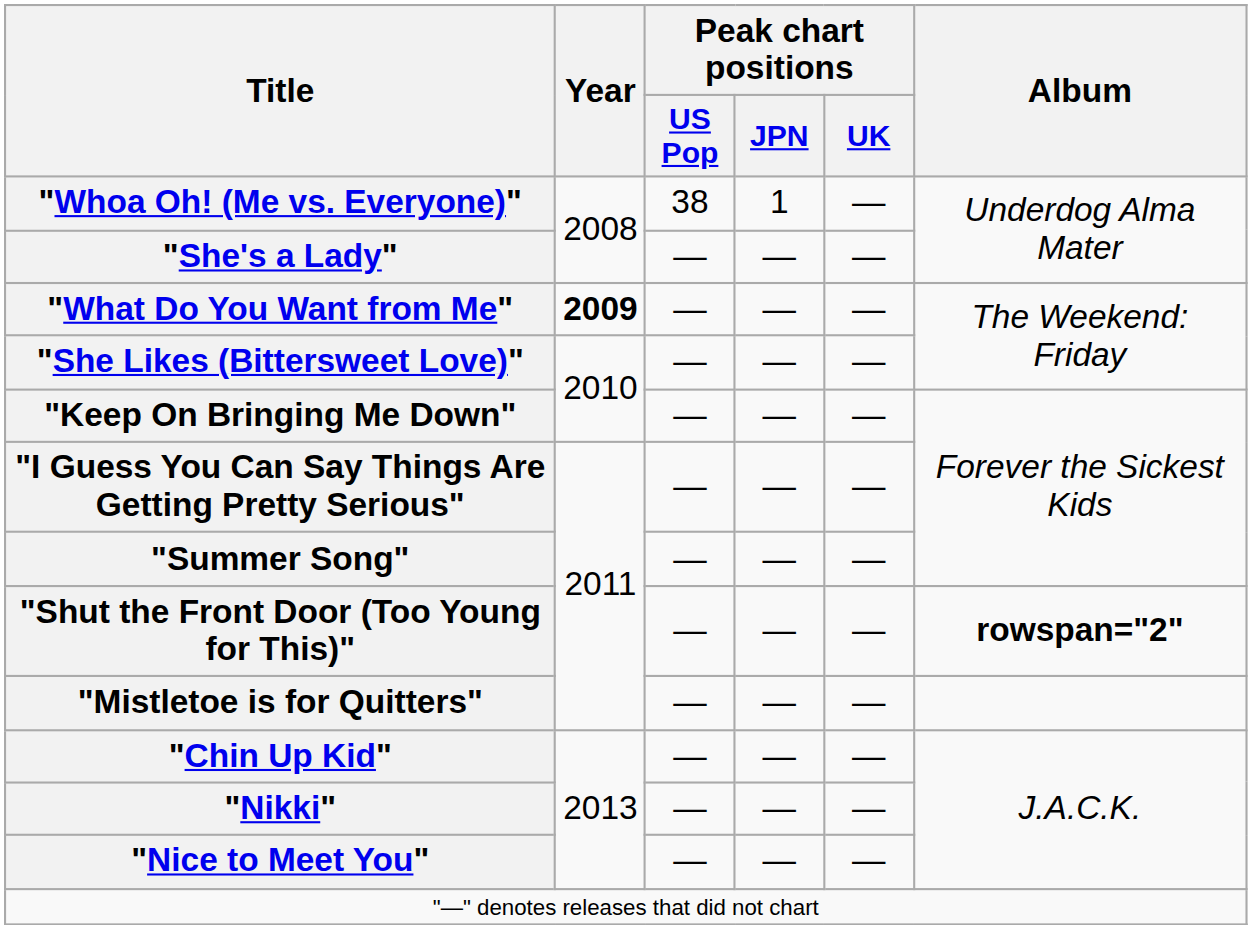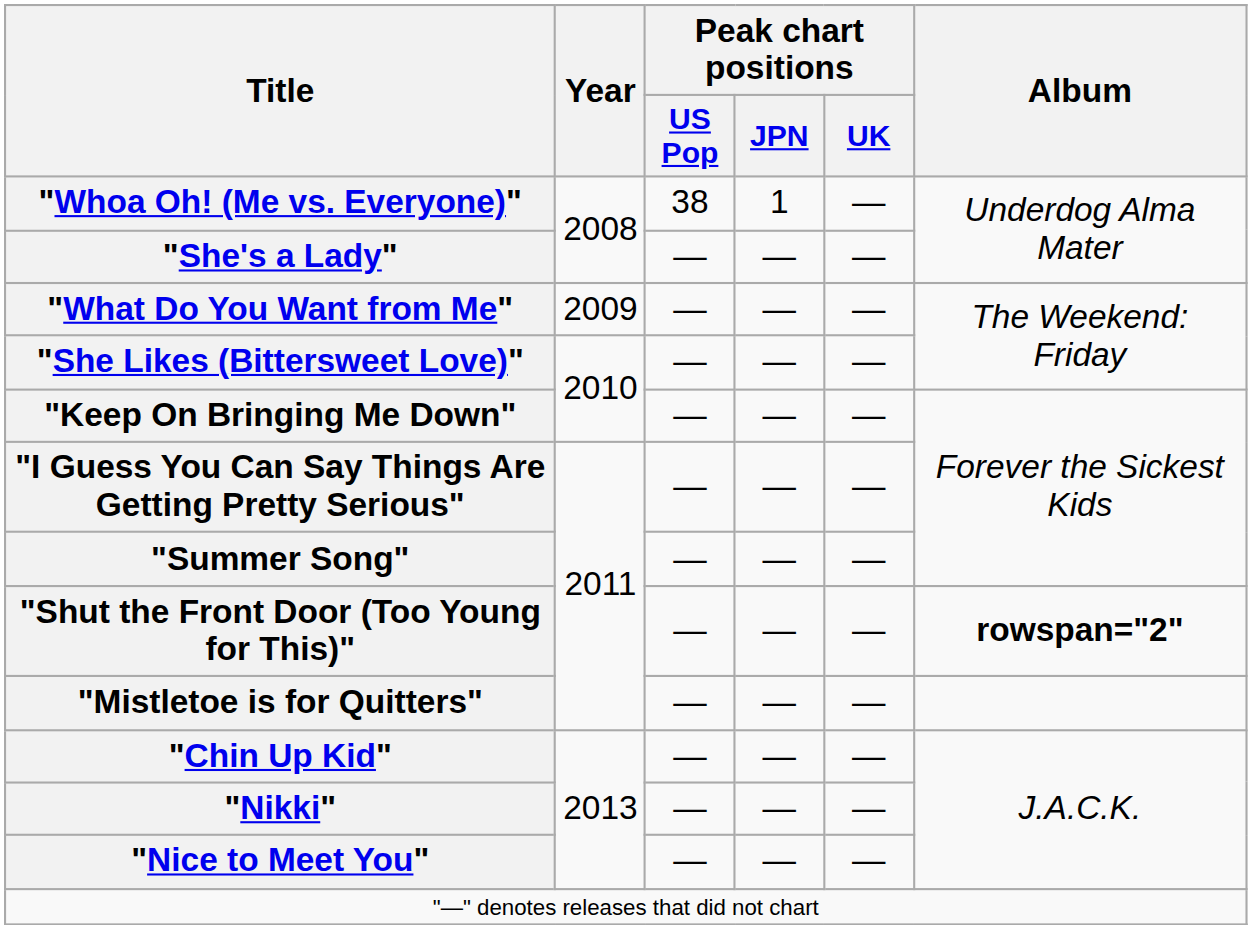 <table class="wikitable plainrowheaders" style="text-align:center;">
 <tr>
 <th scope="col" rowspan="2" style="width:16em;">Title</th>
 <th scope="col" rowspan="2" style="width:1em;">Year</th>
 <th scope="col" colspan="3">Peak chart positions</th>
 <th scope="col" rowspan="2" style="width:9.5em;">Album</th>
 </tr>
 <tr>
 <th scope="col" style="width:2.5em;font-size:90%;"><a href='#'>US<br>Pop</a><br></th>
 <th scope="col" style="width:2.5em;font-size:90%;"><a href='#'>JPN</a><br></th>
 <th scope="col" style="width:2.5em;font-size:90%;"><a href='#'>UK</a><br></th>
 </tr>
 <tr>
 <th scope="row">"<a href='#'>Whoa Oh! (Me vs. Everyone)</a>"</th>
 <td rowspan="2">2008</td>
 <td>38</td>
 <td>1</td>
 <td>—</td>
 <td rowspan="2"><em>Underdog Alma Mater</em></td>
 </tr>
 <tr>
 <th scope="row">"<a href='#'>She's a Lady</a>"</th>
 <td>—</td>
 <td>—</td>
 <td>—</td>
 </tr>
 <tr>
 <th scope="row">"<a href='#'>What Do You Want from Me</a>"</th>
-<td><strong>2009</strong></td>
+<td>2009</td>
 <td>—</td>
 <td>—</td>
 <td>—</td>
 <td rowspan="2"><em>The Weekend: Friday</em></td>
 </tr>
 <tr>
 <th scope="row">"<a href='#'>She Likes (Bittersweet Love)</a>"</th>
 <td rowspan="2">2010</td>
 <td>—</td>
 <td>—</td>
 <td>—</td>
 </tr>
 <tr>
 <th scope="row">"Keep On Bringing Me Down"</th>
 <td>—</td>
 <td>—</td>
 <td>—</td>
 <td rowspan="3"><em>Forever the Sickest Kids</em></td>
 </tr>
 <tr>
 <th scope="row">"I Guess You Can Say Things Are Getting Pretty Serious"</th>
 <td rowspan="4">2011</td>
 <td>—</td>
 <td>—</td>
 <td>—</td>
 </tr>
 <tr>
 <th scope="row">"Summer Song"</th>
 <td>—</td>
 <td>—</td>
 <td>—</td>
 </tr>
 <tr>
 <th scope="row">"Shut the Front Door (Too Young for This)"</th>
 <td>—</td>
 <td>—</td>
 <td>—</td>
 <td><strong>rowspan="2" </strong></td>
 </tr>
 <tr>
 <th scope="row">"Mistletoe is for Quitters"</th>
 <td>—</td>
 <td>—</td>
 <td>—</td>
 </tr>
 <tr>
 <th scope="row">"<a href='#'>Chin Up Kid</a>"</th>
 <td rowspan="3">2013</td>
 <td>—</td>
 <td>—</td>
 <td>—</td>
 <td rowspan="3"><em>J.A.C.K.</em></td>
 </tr>
 <tr>
 <th scope="row">"<a href='#'>Nikki</a>"</th>
 <td>—</td>
 <td>—</td>
 <td>—</td>
 </tr>
 <tr>
 <th scope="row">"<a href='#'>Nice to Meet You</a>"</th>
 <td>—</td>
 <td>—</td>
 <td>—</td>
 </tr>
 <tr>
 <td colspan="10" style="font-size:8pt">"—" denotes releases that did not chart</td>
 </tr>
 <tr>
 </tr>
 </table>
